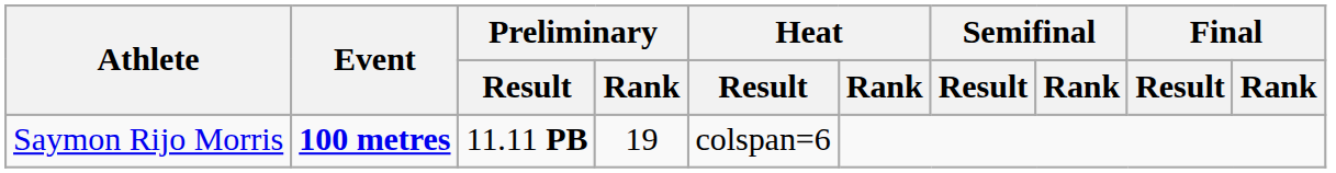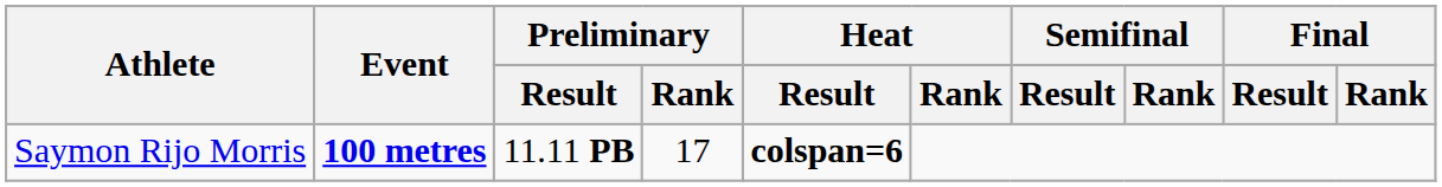 <table class="wikitable"  style=font-size:90%>
 <tr>
 <th rowspan="2">Athlete</th>
 <th rowspan="2">Event</th>
 <th colspan="2">Preliminary</th>
 <th colspan="2">Heat</th>
 <th colspan="2">Semifinal</th>
 <th colspan="2">Final</th>
 </tr>
 <tr>
 <th>Result</th>
 <th>Rank</th>
 <th>Result</th>
 <th>Rank</th>
 <th>Result</th>
 <th>Rank</th>
 <th>Result</th>
 <th>Rank</th>
 </tr>
 <tr style=text-align:center>
 <td style=text-align:left><a href='#'>Saymon Rijo Morris</a></td>
 <td style=text-align:left><strong><a href='#'>100 metres</a></strong></td>
 <td>11.11 <strong>PB</strong></td>
-<td>19</td>
-<td>colspan=6 </td>
+<td>17</td>
+<td><strong>colspan=6 </strong></td>
 </tr>
 </table>
